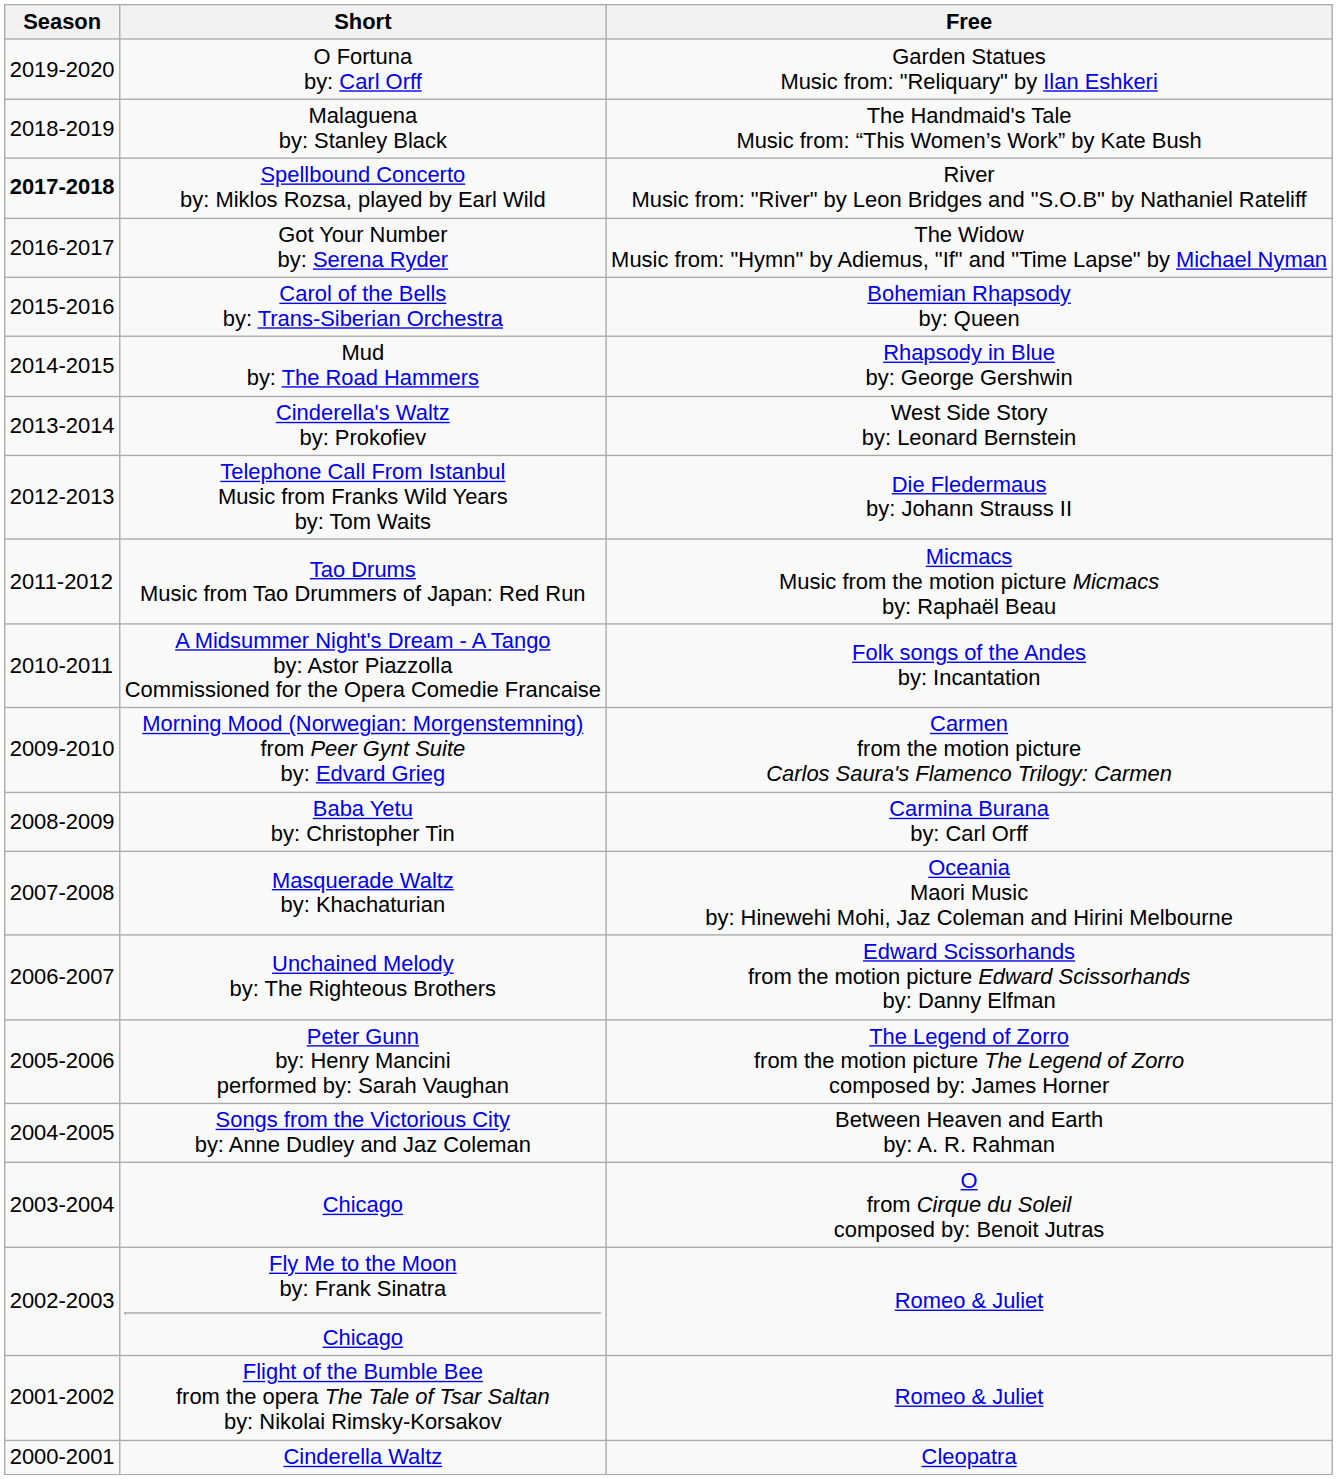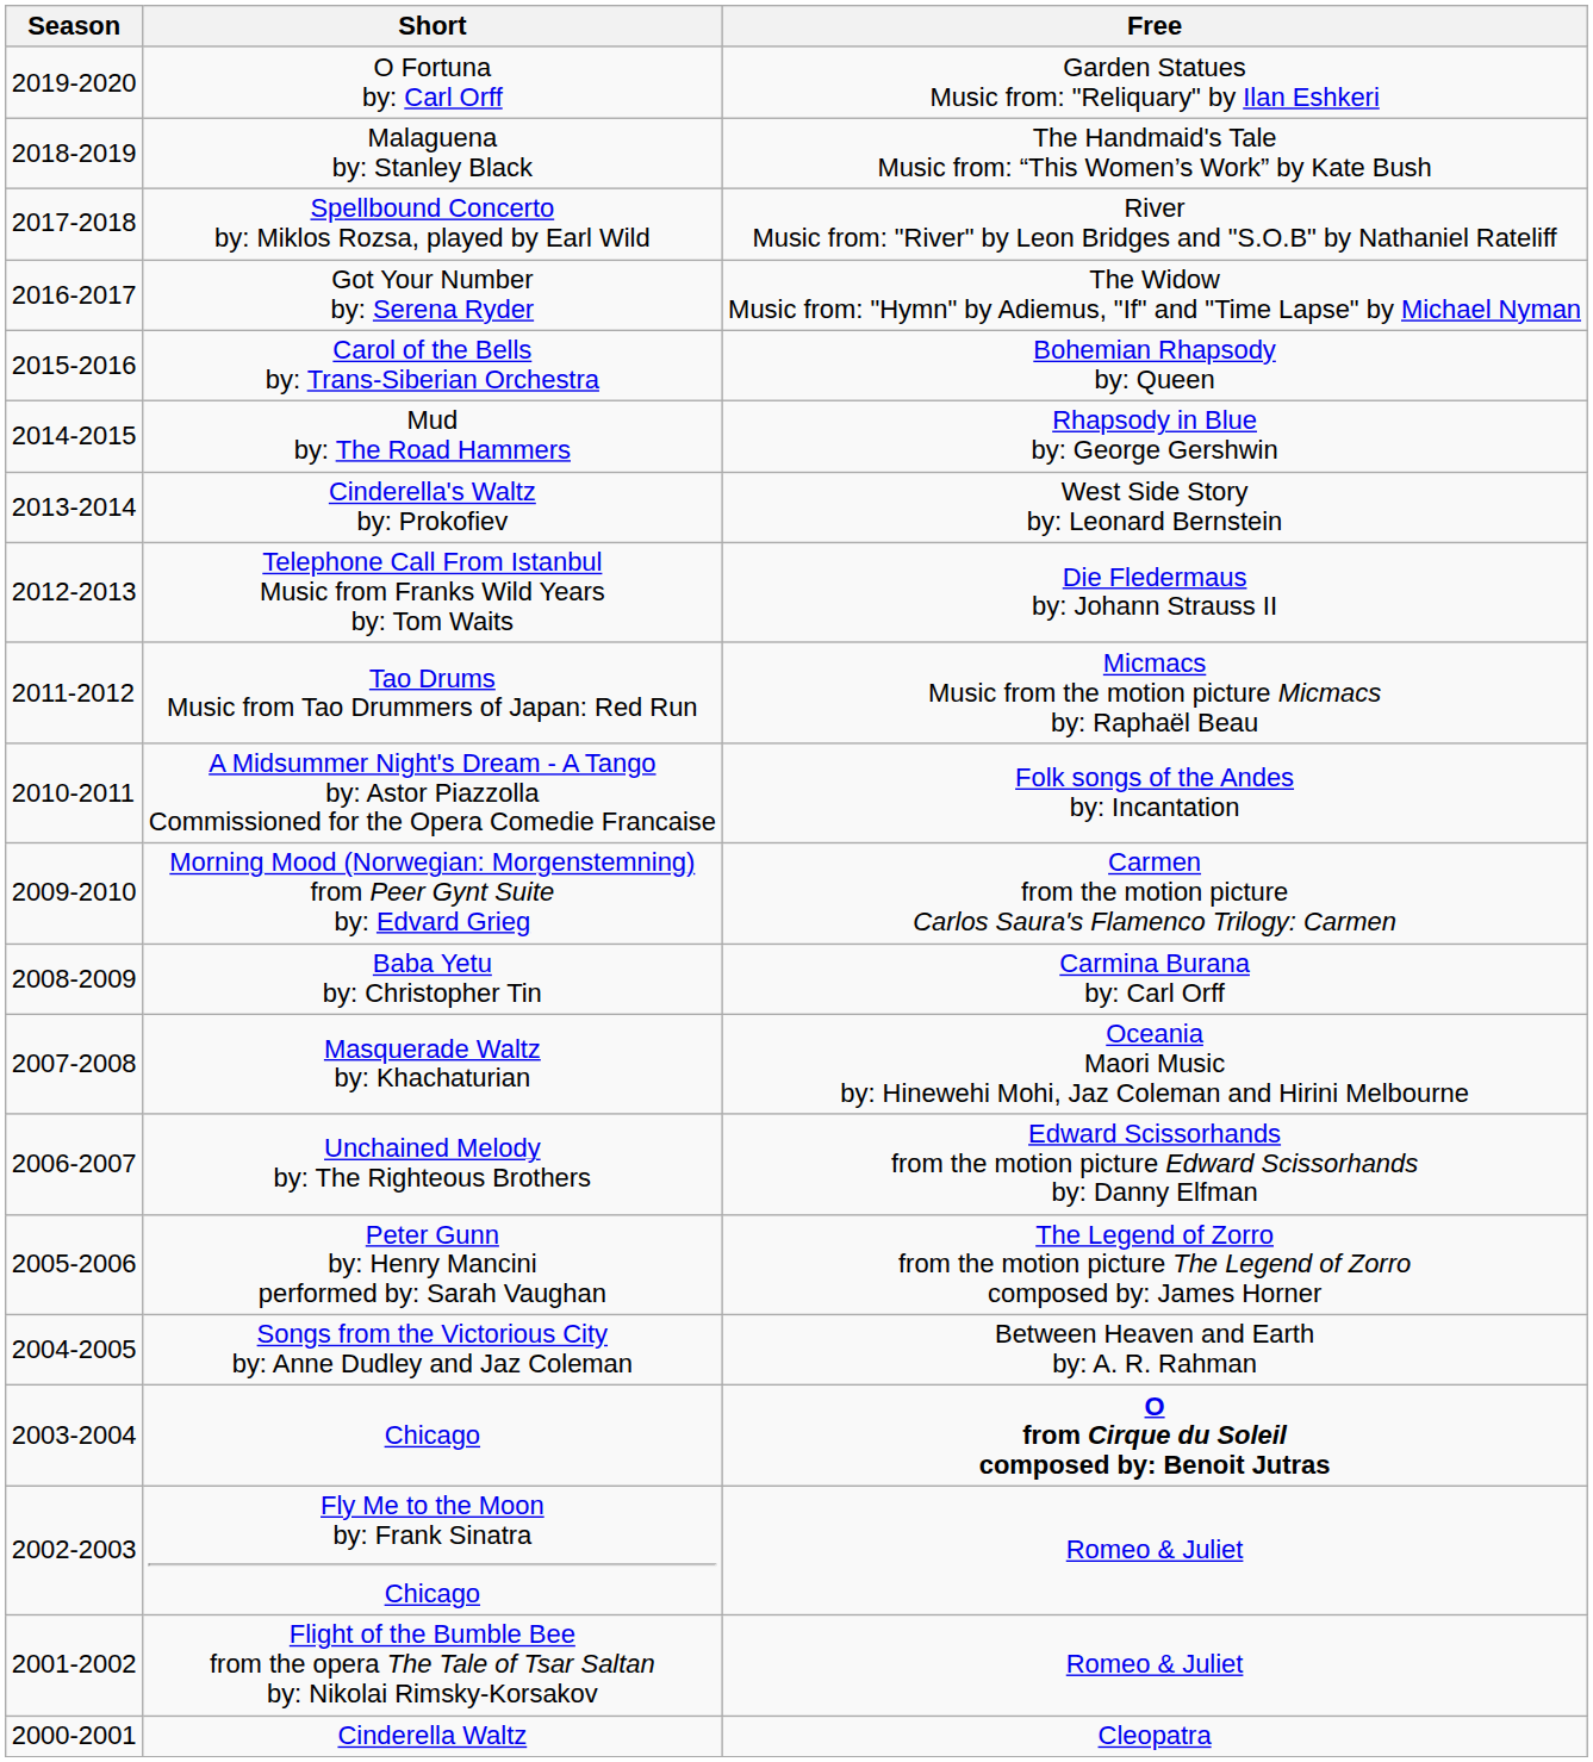 <table class="wikitable">
 <tr>
 <th>Season</th>
 <th>Short</th>
 <th>Free</th>
 </tr>
 <tr>
 <td>2019-2020</td>
 <td Short align="center">O Fortuna <br> by: <a href='#'>Carl Orff</a></td>
 <td Free align="center">Garden Statues <br> Music from: "Reliquary" by <a href='#'>Ilan Eshkeri</a></td>
 </tr>
 <tr>
 <td>2018-2019</td>
 <td Short align="center">Malaguena <br> by: Stanley Black</td>
 <td Free align="center">The Handmaid's Tale <br> Music from: “This Women’s Work” by Kate Bush</td>
 </tr>
 <tr>
-<td><strong>2017-2018</strong></td>
+<td>2017-2018</td>
 <td Short align="center"><a href='#'>Spellbound Concerto</a> <br> by: Miklos Rozsa, played by Earl Wild</td>
 <td Free align="center">River <br> Music from: "River" by Leon Bridges and "S.O.B" by Nathaniel Rateliff</td>
 </tr>
 <tr>
 <td>2016-2017</td>
 <td Short align="center">Got Your Number <br> by: <a href='#'>Serena Ryder</a></td>
 <td Free align="center">The Widow <br> Music from: "Hymn" by Adiemus, "If" and "Time Lapse" by <a href='#'>Michael Nyman</a></td>
 </tr>
 <tr>
 <td>2015-2016</td>
 <td Short align="center"><a href='#'>Carol of the Bells</a> <br> by: <a href='#'>Trans-Siberian Orchestra</a></td>
 <td align="center" Free><a href='#'>Bohemian Rhapsody</a> <br> by: Queen </td>
 </tr>
 <tr>
 <td>2014-2015</td>
 <td Short align="center">Mud <br> by: <a href='#'>The Road Hammers</a></td>
 <td align="center" Free><a href='#'>Rhapsody in Blue</a> <br> by: George Gershwin</td>
 </tr>
 <tr>
 <td>2013-2014</td>
 <td Short align="center"><a href='#'>Cinderella's Waltz</a> <br> by: Prokofiev</td>
 <td Free align="center">West Side Story <br> by: Leonard Bernstein</td>
 </tr>
 <tr>
 <td>2012-2013</td>
 <td Short align="center"><a href='#'>Telephone Call From Istanbul</a> <br> Music from Franks Wild Years <br> by: Tom Waits</td>
 <td Free align="center"><a href='#'>Die Fledermaus</a> <br> by: Johann Strauss II</td>
 </tr>
 <tr>
 <td>2011-2012</td>
 <td Short align="center"><a href='#'>Tao Drums</a> <br> Music from Tao Drummers of Japan: Red Run</td>
 <td Free align="center"><a href='#'>Micmacs</a> <br> Music from the motion picture <em>Micmacs</em> <br> by: Raphaël Beau</td>
 </tr>
 <tr>
 <td>2010-2011</td>
 <td Short align="center"><a href='#'>A Midsummer Night's Dream - A Tango</a> <br> by: Astor Piazzolla <br> Commissioned for the Opera Comedie Francaise</td>
 <td Free align="center"><a href='#'>Folk songs of the Andes</a> <br> by: Incantation</td>
 </tr>
 <tr>
 <td>2009-2010</td>
 <td Short align="center"><a href='#'>Morning Mood (Norwegian: Morgenstemning)</a> <br> from <em>Peer Gynt Suite</em> <br> by: <a href='#'>Edvard Grieg</a></td>
 <td Free align="center"><a href='#'>Carmen</a> <br> from the motion picture <br> <em>Carlos Saura's Flamenco Trilogy: Carmen</em></td>
 </tr>
 <tr>
 <td>2008-2009</td>
 <td Short align="center"><a href='#'>Baba Yetu</a> <br> by: Christopher Tin</td>
 <td Free align="center"><a href='#'>Carmina Burana</a> <br> by: Carl Orff</td>
 </tr>
 <tr>
 <td>2007-2008</td>
 <td Short align="center"><a href='#'>Masquerade Waltz</a> <br> by: Khachaturian</td>
 <td Free align="center"><a href='#'>Oceania</a>  <br> Maori Music <br> by: Hinewehi Mohi, Jaz Coleman and Hirini Melbourne</td>
 </tr>
 <tr>
 <td>2006-2007</td>
 <td Short align="center"><a href='#'>Unchained Melody</a> <br> by: The Righteous Brothers</td>
 <td Free align="center"><a href='#'>Edward Scissorhands</a>  <br> from the motion picture <em>Edward Scissorhands</em> <br> by: Danny Elfman</td>
 </tr>
 <tr>
 <td>2005-2006</td>
 <td Short align="center"><a href='#'>Peter Gunn</a> <br> by: Henry Mancini <br> performed by: Sarah Vaughan</td>
 <td Free align="center"><a href='#'>The Legend of Zorro</a> <br> from the motion picture <em>The Legend of Zorro</em> <br> composed by: James Horner</td>
 </tr>
 <tr>
 <td>2004-2005</td>
 <td Short align="center"><a href='#'>Songs from the Victorious City</a> <br> by: Anne Dudley and Jaz Coleman</td>
 <td Free align="center">Between Heaven and Earth <br> by: A. R. Rahman</td>
 </tr>
 <tr>
 <td>2003-2004</td>
 <td Short align="center"><a href='#'>Chicago</a></td>
-<td Free align="center"><a href='#'>O</a> <br> from <em>Cirque du Soleil</em> <br> composed by: Benoit Jutras</td>
+<td Free align="center"><strong><a href='#'>O</a> <br> from <em>Cirque du Soleil</em> <br> composed by: Benoit Jutras</strong></td>
 </tr>
 <tr>
 <td>2002-2003</td>
 <td Short align="center"><a href='#'>Fly Me to the Moon</a> <br> by: Frank Sinatra<hr> <a href='#'>Chicago</a></td>
 <td Free align="center"><a href='#'>Romeo & Juliet</a></td>
 </tr>
 <tr>
 <td>2001-2002</td>
 <td Short align="center"><a href='#'>Flight of the Bumble Bee</a> <br> from the opera <em>The Tale of Tsar Saltan</em> <br> by: Nikolai Rimsky-Korsakov</td>
 <td Free align="center"><a href='#'>Romeo & Juliet</a></td>
 </tr>
 <tr>
 <td>2000-2001</td>
 <td Short align="center"><a href='#'>Cinderella Waltz</a></td>
 <td Free align="center"><a href='#'>Cleopatra</a></td>
 </tr>
 <tr>
 </tr>
 </table>
